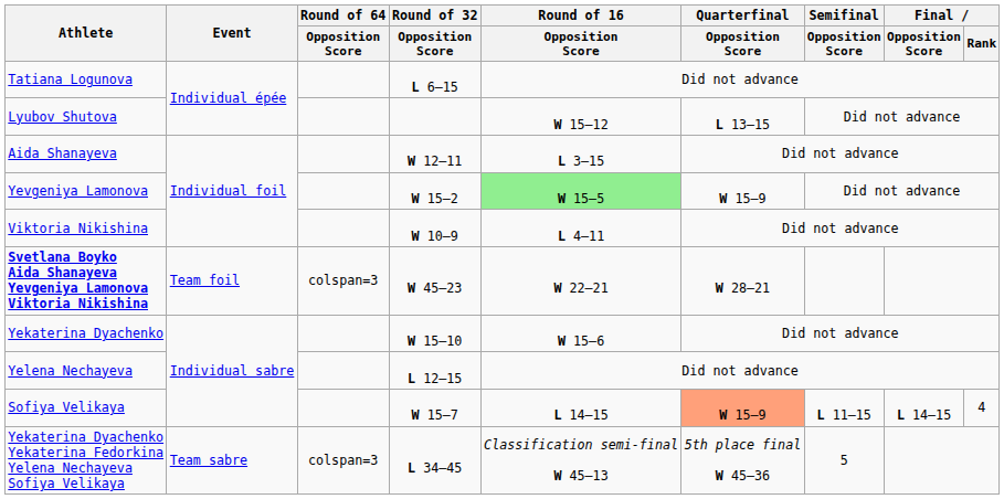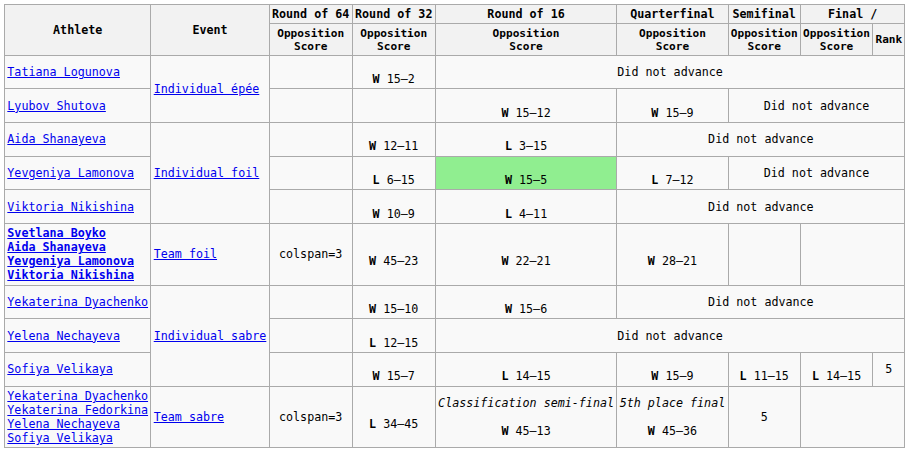 <table class="wikitable" style="font-size:90%">
 <tr>
 <th rowspan="2">Athlete</th>
 <th rowspan="2">Event</th>
 <th>Round of 64</th>
 <th>Round of 32</th>
 <th>Round of 16</th>
 <th>Quarterfinal</th>
 <th>Semifinal</th>
 <th colspan=2>Final / </th>
 </tr>
 <tr style="font-size:95%">
 <th>Opposition <br> Score</th>
 <th>Opposition <br> Score</th>
 <th>Opposition <br> Score</th>
 <th>Opposition <br> Score</th>
 <th>Opposition <br> Score</th>
 <th>Opposition <br> Score</th>
 <th>Rank</th>
 </tr>
 <tr align=center>
 <td align=left><a href='#'>Tatiana Logunova</a></td>
 <td align=left rowspan=2><a href='#'>Individual épée</a></td>
 <td></td>
-<td><br><strong>L</strong> 6–15</td>
+<td><br><strong>W</strong> 15–2</td>
 <td colspan=5>Did not advance</td>
 </tr>
 <tr align=center>
 <td align=left><a href='#'>Lyubov Shutova</a></td>
 <td></td>
 <td></td>
 <td><br><strong>W</strong> 15–12</td>
-<td><br><strong>L</strong> 13–15</td>
+<td><br><strong>W</strong> 15–9</td>
 <td colspan=3>Did not advance</td>
 </tr>
 <tr align=center>
 <td align=left><a href='#'>Aida Shanayeva</a></td>
 <td align=left rowspan=3><a href='#'>Individual foil</a></td>
 <td></td>
 <td><br><strong>W</strong> 12–11</td>
 <td><br><strong>L</strong> 3–15</td>
 <td colspan=4>Did not advance</td>
 </tr>
 <tr align=center>
 <td align=left><a href='#'>Yevgeniya Lamonova</a></td>
 <td></td>
-<td><br><strong>W</strong> 15–2</td>
+<td><br><strong>L</strong> 6–15</td>
 <td style="background: lightgreen;"><br><strong>W</strong> 15–5</td>
-<td><br><strong>W</strong> 15–9</td>
+<td><br><strong>L</strong> 7–12</td>
 <td colspan=3>Did not advance</td>
 </tr>
 <tr align=center>
 <td align=left><a href='#'>Viktoria Nikishina</a></td>
 <td></td>
 <td><br><strong>W</strong> 10–9</td>
 <td><br><strong>L</strong> 4–11</td>
 <td colspan=4>Did not advance</td>
 </tr>
 <tr align=center>
 <td align=left><strong><a href='#'>Svetlana Boyko</a><br><a href='#'>Aida Shanayeva</a><br><a href='#'>Yevgeniya Lamonova</a><br><a href='#'>Viktoria Nikishina</a></strong></td>
 <td align=left><a href='#'>Team foil</a></td>
 <td>colspan=3 </td>
 <td><br><strong>W</strong> 45–23</td>
 <td><br><strong>W</strong> 22–21</td>
 <td><br><strong>W</strong> 28–21</td>
 <td></td>
 </tr>
 <tr align=center>
 <td align=left><a href='#'>Yekaterina Dyachenko</a></td>
 <td align=left rowspan=3><a href='#'>Individual sabre</a></td>
 <td></td>
 <td><br><strong>W</strong> 15–10</td>
 <td><br><strong>W</strong> 15–6</td>
 <td colspan=4>Did not advance</td>
 </tr>
 <tr align=center>
 <td align=left><a href='#'>Yelena Nechayeva</a></td>
 <td></td>
 <td><br><strong>L</strong> 12–15</td>
 <td colspan=5>Did not advance</td>
 </tr>
 <tr align=center>
 <td align=left><a href='#'>Sofiya Velikaya</a></td>
 <td></td>
 <td><br><strong>W</strong> 15–7</td>
 <td><br><strong>L</strong> 14–15</td>
-<td style="background: lightsalmon;"><br><strong>W</strong> 15–9</td>
+<td><br><strong>W</strong> 15–9</td>
 <td><br><strong>L</strong> 11–15</td>
 <td><br><strong>L</strong> 14–15</td>
-<td>4</td>
+<td>5</td>
 </tr>
 <tr align=center>
 <td align=left><a href='#'>Yekaterina Dyachenko</a><br><a href='#'>Yekaterina Fedorkina</a><br><a href='#'>Yelena Nechayeva</a><br><a href='#'>Sofiya Velikaya</a></td>
 <td align=left><a href='#'>Team sabre</a></td>
 <td>colspan=3 </td>
 <td><br><strong>L</strong> 34–45</td>
 <td><em>Classification semi-final</em><br><br><strong>W</strong> 45–13</td>
 <td><em>5th place final</em><br><br><strong>W</strong> 45–36</td>
 <td>5</td>
 </tr>
 </table>
